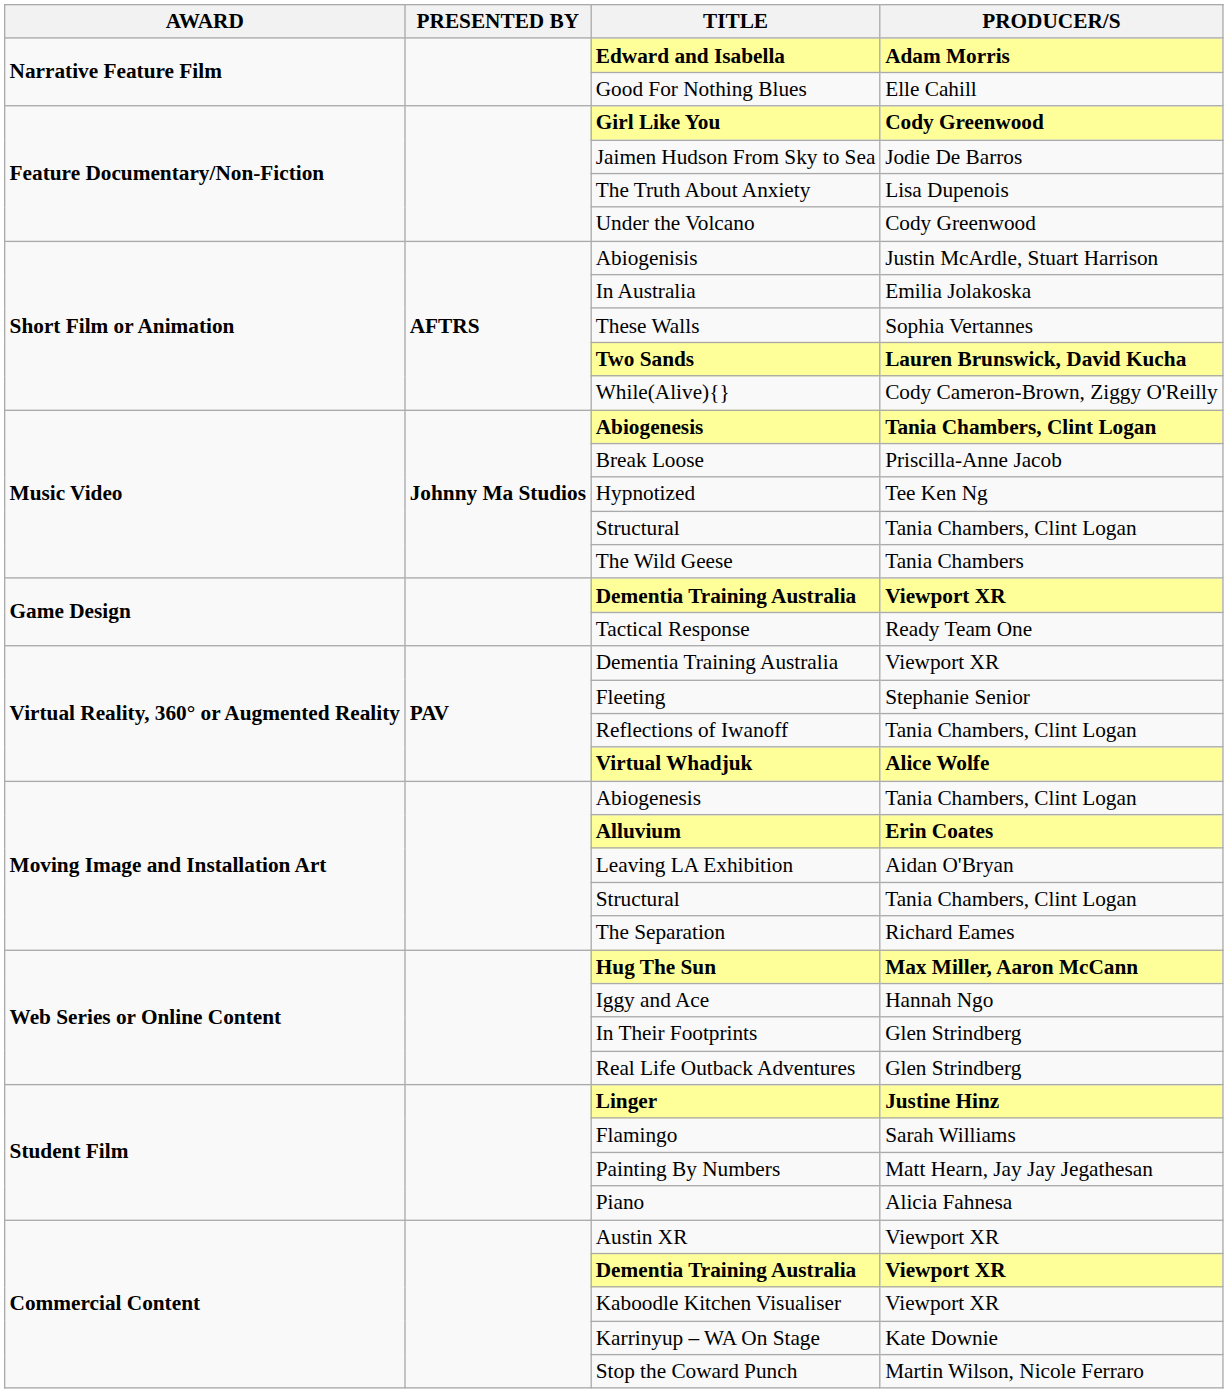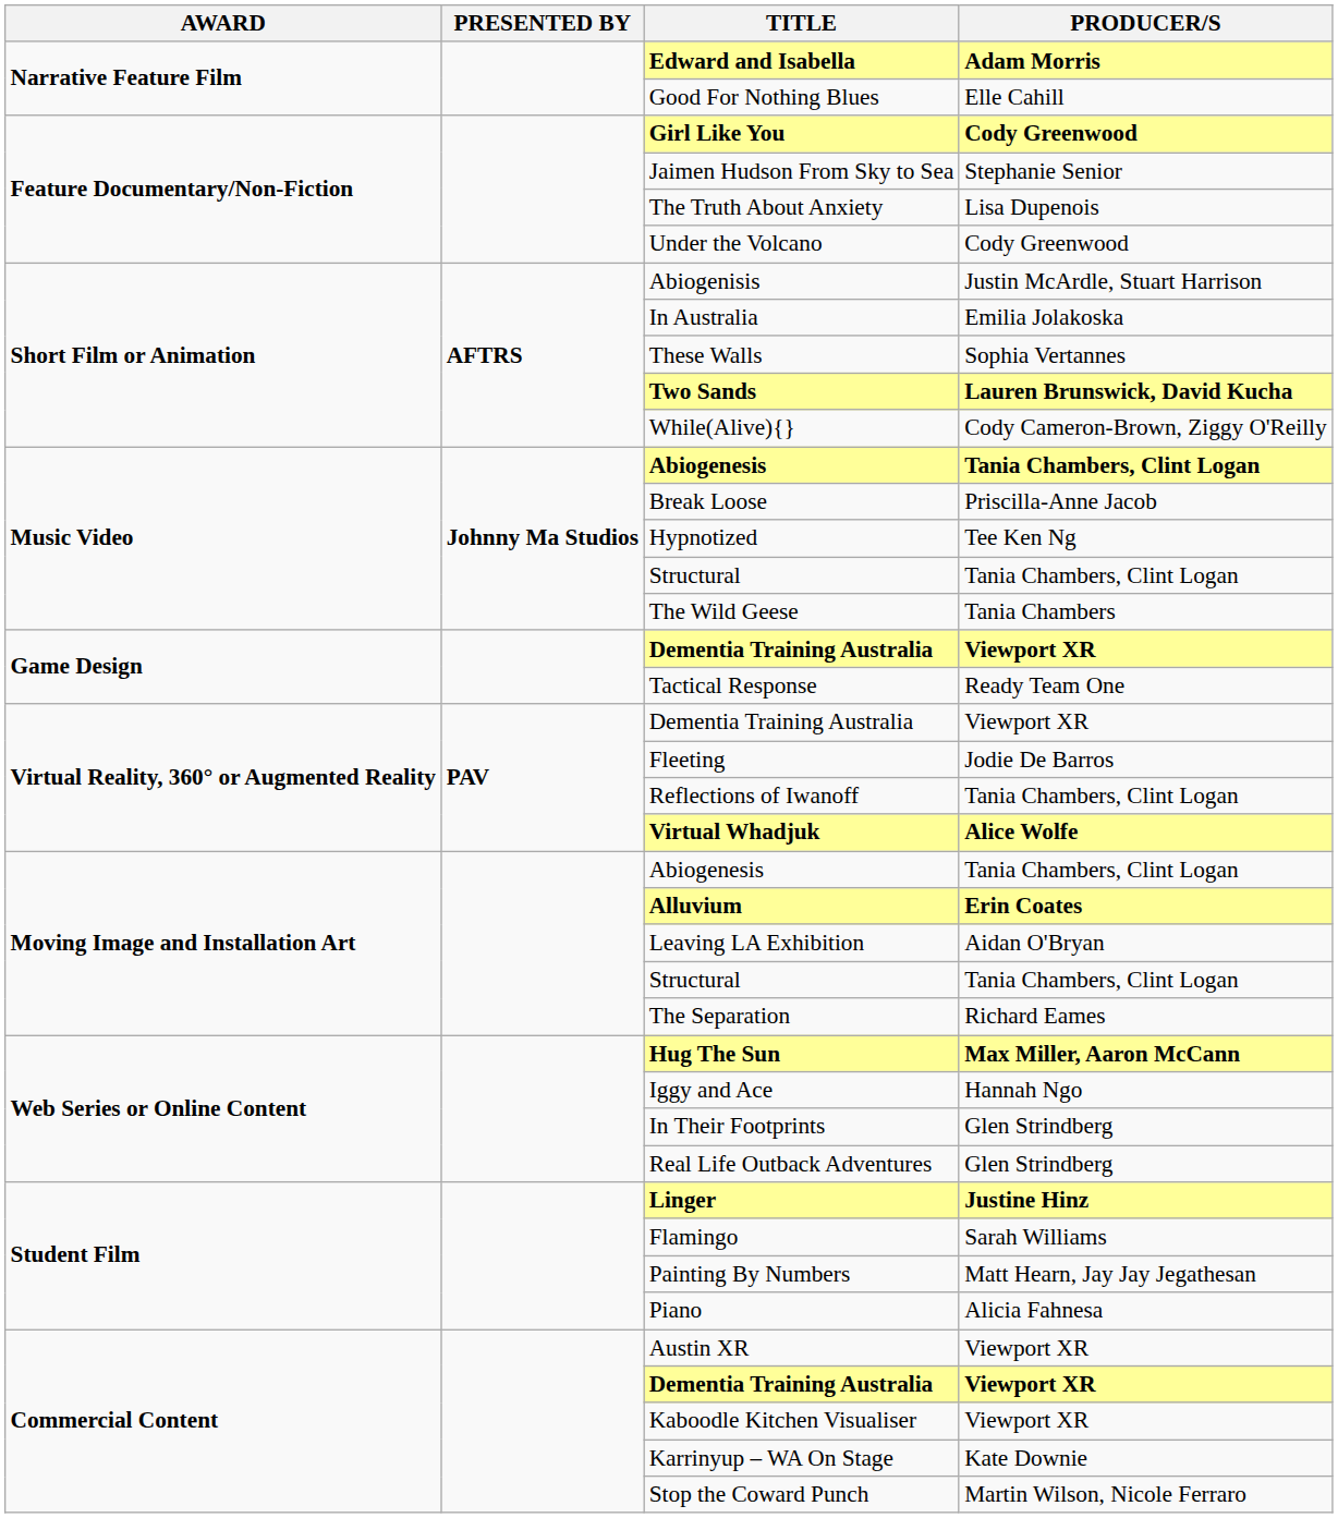 <table class="wikitable sortable mw-collapsible mw-collapsed">
 <tr>
 <th>AWARD</th>
 <th>PRESENTED BY</th>
 <th>TITLE</th>
 <th>PRODUCER/S</th>
 </tr>
 <tr>
 <td rowspan="2"><strong>Narrative Feature Film</strong></td>
 <td rowspan="2"></td>
 <td style="background:#ff9;"><strong>Edward and Isabella</strong></td>
 <td style="background:#ff9;"><strong>Adam Morris</strong></td>
 </tr>
 <tr>
 <td>Good For Nothing Blues</td>
 <td>Elle Cahill</td>
 </tr>
 <tr>
 <td rowspan="4"><strong>Feature Documentary/Non-Fiction</strong></td>
 <td rowspan="4"></td>
 <td style="background:#ff9;"><strong>Girl Like You</strong></td>
 <td style="background:#ff9;"><strong>Cody Greenwood</strong></td>
 </tr>
 <tr>
 <td>Jaimen Hudson From Sky to Sea</td>
-<td>Jodie De Barros</td>
+<td>Stephanie Senior</td>
 </tr>
 <tr>
 <td>The Truth About Anxiety</td>
 <td>Lisa Dupenois</td>
 </tr>
 <tr>
 <td>Under the Volcano</td>
 <td>Cody Greenwood</td>
 </tr>
 <tr>
 <td rowspan="5"><strong>Short Film or Animation</strong></td>
 <td rowspan="5"><strong>AFTRS</strong></td>
 <td>Abiogenisis</td>
 <td>Justin McArdle, Stuart Harrison</td>
 </tr>
 <tr>
 <td>In Australia</td>
 <td>Emilia Jolakoska</td>
 </tr>
 <tr>
 <td>These Walls</td>
 <td>Sophia Vertannes</td>
 </tr>
 <tr>
 <td style="background:#ff9;"><strong>Two Sands</strong></td>
 <td style="background:#ff9;"><strong>Lauren Brunswick, David Kucha</strong></td>
 </tr>
 <tr>
 <td>While(Alive){}</td>
 <td>Cody Cameron-Brown, Ziggy O'Reilly</td>
 </tr>
 <tr>
 <td rowspan="5"><strong>Music Video</strong></td>
 <td rowspan="5"><strong>Johnny Ma Studios</strong></td>
 <td style="background:#ff9;"><strong>Abiogenesis</strong></td>
 <td style="background:#ff9;"><strong>Tania Chambers, Clint Logan</strong></td>
 </tr>
 <tr>
 <td>Break Loose</td>
 <td>Priscilla-Anne Jacob</td>
 </tr>
 <tr>
 <td>Hypnotized</td>
 <td>Tee Ken Ng</td>
 </tr>
 <tr>
 <td>Structural</td>
 <td>Tania Chambers, Clint Logan</td>
 </tr>
 <tr>
 <td>The Wild Geese</td>
 <td>Tania Chambers</td>
 </tr>
 <tr>
 <td rowspan="2"><strong>Game Design</strong></td>
 <td rowspan="2"></td>
 <td style="background:#ff9;"><strong>Dementia Training Australia</strong></td>
 <td style="background:#ff9;"><strong>Viewport XR</strong></td>
 </tr>
 <tr>
 <td>Tactical Response</td>
 <td>Ready Team One</td>
 </tr>
 <tr>
 <td rowspan="4"><strong>Virtual Reality, 360° or Augmented Reality</strong></td>
 <td rowspan="4"><strong>PAV</strong></td>
 <td>Dementia Training Australia</td>
 <td>Viewport XR</td>
 </tr>
 <tr>
 <td>Fleeting</td>
-<td>Stephanie Senior</td>
+<td>Jodie De Barros</td>
 </tr>
 <tr>
 <td>Reflections of Iwanoff</td>
 <td>Tania Chambers, Clint Logan</td>
 </tr>
 <tr>
 <td style="background:#ff9; "><strong>Virtual Whadjuk</strong></td>
 <td style="background:#ff9; "><strong>Alice Wolfe</strong></td>
 </tr>
 <tr>
 <td rowspan="5"><strong>Moving Image and Installation Art</strong></td>
 <td rowspan="5"></td>
 <td>Abiogenesis</td>
 <td>Tania Chambers, Clint Logan</td>
 </tr>
 <tr>
 <td style="background:#ff9; "><strong>Alluvium</strong></td>
 <td style="background:#ff9; "><strong>Erin Coates</strong></td>
 </tr>
 <tr>
 <td>Leaving LA Exhibition</td>
 <td>Aidan O'Bryan</td>
 </tr>
 <tr>
 <td>Structural</td>
 <td>Tania Chambers, Clint Logan</td>
 </tr>
 <tr>
 <td>The Separation</td>
 <td>Richard Eames</td>
 </tr>
 <tr>
 <td rowspan="4"><strong>Web Series or Online Content</strong></td>
 <td rowspan="4"></td>
 <td style="background:#ff9; "><strong>Hug The Sun</strong></td>
 <td style="background:#ff9; "><strong>Max Miller, Aaron McCann</strong></td>
 </tr>
 <tr>
 <td>Iggy and Ace</td>
 <td>Hannah Ngo</td>
 </tr>
 <tr>
 <td>In Their Footprints</td>
 <td>Glen Strindberg</td>
 </tr>
 <tr>
 <td>Real Life Outback Adventures</td>
 <td>Glen Strindberg</td>
 </tr>
 <tr>
 <td rowspan="4"><strong>Student Film</strong></td>
 <td rowspan="4"></td>
 <td style="background:#ff9; "><strong>Linger</strong></td>
 <td style="background:#ff9; "><strong>Justine Hinz</strong></td>
 </tr>
 <tr>
 <td>Flamingo</td>
 <td>Sarah Williams</td>
 </tr>
 <tr>
 <td>Painting By Numbers</td>
 <td>Matt Hearn, Jay Jay Jegathesan</td>
 </tr>
 <tr>
 <td>Piano</td>
 <td>Alicia Fahnesa</td>
 </tr>
 <tr>
 <td rowspan="5"><strong>Commercial Content</strong></td>
 <td rowspan="5"></td>
 <td>Austin XR</td>
 <td>Viewport XR</td>
 </tr>
 <tr>
 <td style="background:#ff9; "><strong>Dementia Training Australia</strong></td>
 <td style="background:#ff9; "><strong>Viewport XR</strong></td>
 </tr>
 <tr>
 <td>Kaboodle Kitchen Visualiser</td>
 <td>Viewport XR</td>
 </tr>
 <tr>
 <td>Karrinyup – WA On Stage</td>
 <td>Kate Downie</td>
 </tr>
 <tr>
 <td>Stop the Coward Punch</td>
 <td>Martin Wilson, Nicole Ferraro</td>
 </tr>
 </table>
